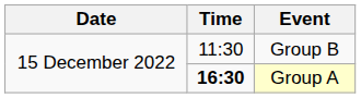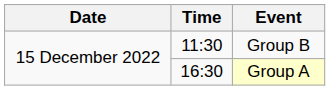 <table class = "wikitable" style="text-align:center;">
 <tr>
 <th width=150>Date</th>
 <th width=50>Time</th>
 <th width=80>Event</th>
 </tr>
 <tr>
 <td rowspan=2>15 December 2022</td>
 <td>11:30</td>
 <td>Group B</td>
 </tr>
 <tr>
-<td><strong>16:30</strong></td>
+<td>16:30</td>
 <td bgcolor=ffffcc>Group A</td>
 </tr>
 </table>
